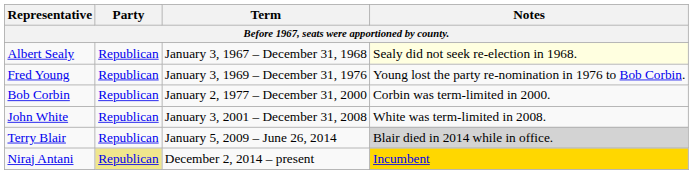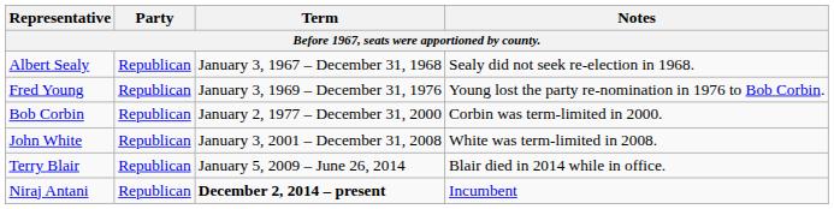 <table class=wikitable>
 <tr valign=bottom>
 <th>Representative</th>
 <th>Party</th>
 <th>Term</th>
 <th>Notes</th>
 </tr>
 <tr>
 <th colspan=5 style="font-size: 80%;"><em>Before 1967, seats were apportioned by county.</em></th>
 </tr>
 <tr>
 <td><a href='#'>Albert Sealy</a></td>
 <td><a href='#'>Republican</a></td>
 <td>January 3, 1967 – December 31, 1968</td>
-<td style="background: lightyellow;">Sealy did not seek re-election in 1968.</td>
+<td>Sealy did not seek re-election in 1968.</td>
 </tr>
 <tr>
 <td><a href='#'>Fred Young</a></td>
 <td><a href='#'>Republican</a></td>
 <td>January 3, 1969 – December 31, 1976</td>
 <td>Young lost the party re-nomination in 1976 to <a href='#'>Bob Corbin</a>.</td>
 </tr>
 <tr>
 <td><a href='#'>Bob Corbin</a></td>
 <td><a href='#'>Republican</a></td>
 <td>January 2, 1977 – December 31, 2000</td>
 <td>Corbin was term-limited in 2000.</td>
 </tr>
 <tr>
 <td><a href='#'>John White</a></td>
 <td><a href='#'>Republican</a></td>
 <td>January 3, 2001 – December 31, 2008</td>
 <td>White was term-limited in 2008.</td>
 </tr>
 <tr>
 <td><a href='#'>Terry Blair</a></td>
 <td><a href='#'>Republican</a></td>
 <td>January 5, 2009 – June 26, 2014</td>
-<td style="background: lightgrey;">Blair died in 2014 while in office.</td>
+<td>Blair died in 2014 while in office.</td>
 </tr>
 <tr>
 <td><a href='#'>Niraj Antani</a></td>
-<td style="background: khaki;"><a href='#'>Republican</a></td>
-<td>December 2, 2014 – present</td>
-<td style="background: gold;"><a href='#'>Incumbent</a></td>
+<td><a href='#'>Republican</a></td>
+<td><strong>December 2, 2014 – present</strong></td>
+<td><a href='#'>Incumbent</a></td>
 </tr>
 </table>
